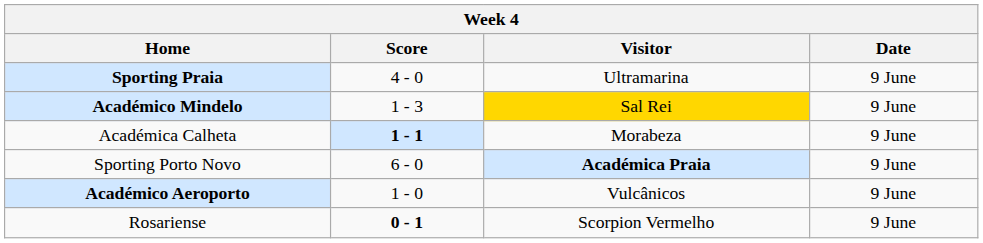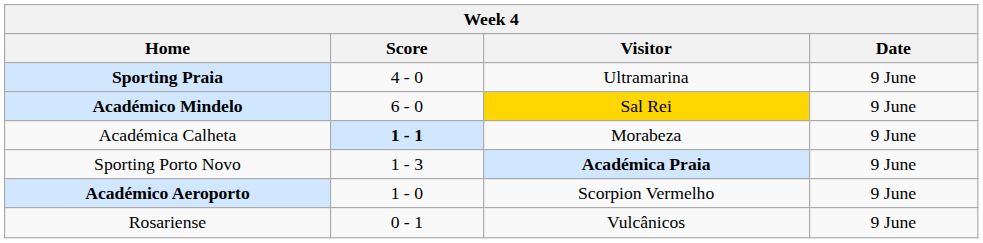 <table class="wikitable" style="font-size:95%; text-align: center; width: 95%;">
 <tr>
 <th colspan="12" style="with: 100%;" align=center>Week 4</th>
 </tr>
 <tr>
 <th width="200">Home</th>
 <th width="90">Score</th>
 <th width="200">Visitor</th>
 <th width="100">Date</th>
 </tr>
 <tr align=center>
 <td bgcolor=#D0E7FF><strong>Sporting Praia</strong></td>
 <td>4 - 0</td>
 <td>Ultramarina</td>
 <td>9 June</td>
 </tr>
 <tr align=center>
 <td bgcolor=#D0E7FF><strong>Académico Mindelo</strong></td>
-<td>1 - 3</td>
+<td>6 - 0</td>
 <td style="background: gold;">Sal Rei</td>
 <td>9 June</td>
 </tr>
 <tr align=center>
 <td>Académica Calheta</td>
 <td bgcolor=#D0E7FF><strong>1 - 1</strong></td>
 <td>Morabeza</td>
 <td>9 June</td>
 </tr>
 <tr align=center>
 <td>Sporting Porto Novo</td>
-<td>6 - 0</td>
+<td>1 - 3</td>
 <td bgcolor=#D0E7FF><strong>Académica Praia</strong></td>
 <td>9 June</td>
 </tr>
 <tr align=center>
 <td bgcolor=#D0E7FF><strong>Académico Aeroporto</strong></td>
 <td>1 - 0</td>
-<td>Vulcânicos</td>
+<td>Scorpion Vermelho</td>
 <td>9 June</td>
 </tr>
 <tr align=center>
 <td>Rosariense</td>
-<td><strong>0 - 1</strong></td>
-<td>Scorpion Vermelho</td>
+<td>0 - 1</td>
+<td>Vulcânicos</td>
 <td>9 June</td>
 </tr>
 </table>
